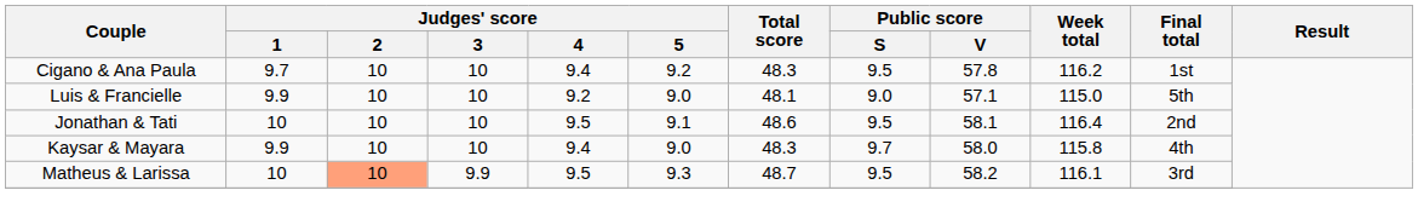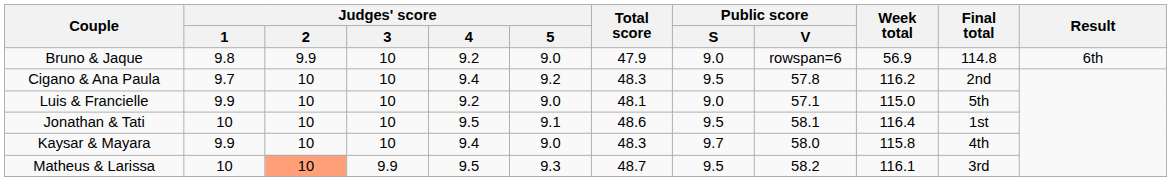 <table class="wikitable" style="font-size:100%; line-height:16px; text-align:center" width="100%">
 <tr>
 <th rowspan=2 width="11.0%">Couple</th>
 <th colspan=5 width="25.0%">Judges' score</th>
 <th rowspan=2 width="05.0%">Total<br>score</th>
 <th colspan=2 width="10.0%">Public score</th>
 <th rowspan=2 width="05.0%">Week<br>total</th>
 <th rowspan=2 width="05.0%">Final<br>total</th>
 <th rowspan=2 width="09.0%">Result</th>
 </tr>
 <tr>
 <th width="05.0%">1</th>
 <th width="05.0%">2</th>
 <th width="05.0%">3</th>
 <th width="05.0%">4</th>
 <th width="05.0%">5</th>
 <th width="05.0%">S</th>
 <th width="05.0%">V</th>
 </tr>
 <tr>
+<td>Bruno & Jaque</td>
+<td>9.8</td>
+<td>9.9</td>
+<td>10</td>
+<td>9.2</td>
+<td>9.0</td>
+<td>47.9</td>
+<td>9.0</td>
+<td>rowspan=6 </td>
+<td>56.9</td>
+<td>114.8</td>
+<td>6th</td>
+</tr>
+<tr>
 <td>Cigano & Ana Paula</td>
 <td>9.7</td>
 <td>10</td>
 <td>10</td>
 <td>9.4</td>
 <td>9.2</td>
 <td>48.3</td>
 <td>9.5</td>
 <td>57.8</td>
 <td>116.2</td>
-<td>1st</td>
+<td>2nd</td>
 </tr>
 <tr>
 <td>Luis & Francielle</td>
 <td>9.9</td>
 <td>10</td>
 <td>10</td>
 <td>9.2</td>
 <td>9.0</td>
 <td>48.1</td>
 <td>9.0</td>
 <td>57.1</td>
 <td>115.0</td>
 <td>5th</td>
 </tr>
 <tr>
 <td>Jonathan & Tati</td>
 <td>10</td>
 <td>10</td>
 <td>10</td>
 <td>9.5</td>
 <td>9.1</td>
 <td>48.6</td>
 <td>9.5</td>
 <td>58.1</td>
 <td>116.4</td>
-<td>2nd</td>
+<td>1st</td>
 </tr>
 <tr>
 <td>Kaysar & Mayara</td>
 <td>9.9</td>
 <td>10</td>
 <td>10</td>
 <td>9.4</td>
 <td>9.0</td>
 <td>48.3</td>
 <td>9.7</td>
 <td>58.0</td>
 <td>115.8</td>
 <td>4th</td>
 </tr>
 <tr>
 <td>Matheus & Larissa</td>
 <td>10</td>
 <td style="background: lightsalmon;">10</td>
 <td>9.9</td>
 <td>9.5</td>
 <td>9.3</td>
 <td>48.7</td>
 <td>9.5</td>
 <td>58.2</td>
 <td>116.1</td>
 <td>3rd</td>
 </tr>
 <tr>
 </tr>
 </table>
